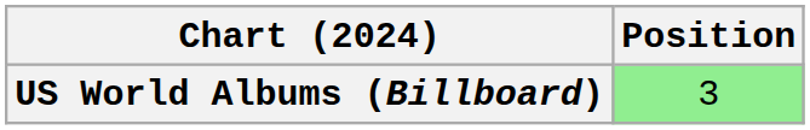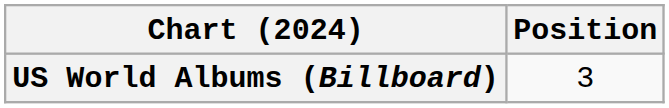 <table class="wikitable sortable plainrowheaders" style="text-align:center">
 <tr>
 <th scope="col">Chart (2024)</th>
 <th scope="col">Position</th>
 </tr>
 <tr>
 <th scope="row">US World Albums (<em>Billboard</em>)</th>
-<td style="background: lightgreen;">3</td>
+<td>3</td>
 </tr>
 </table>
